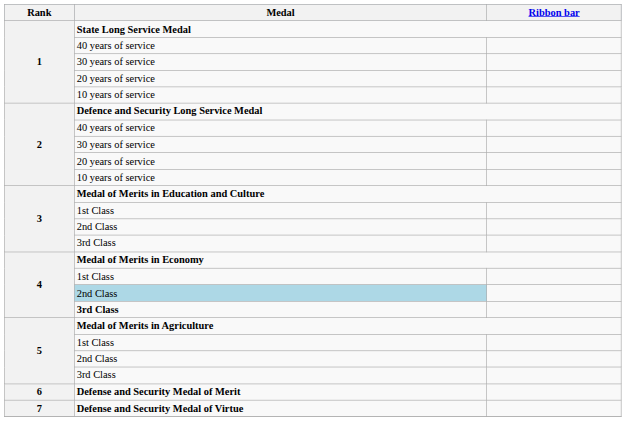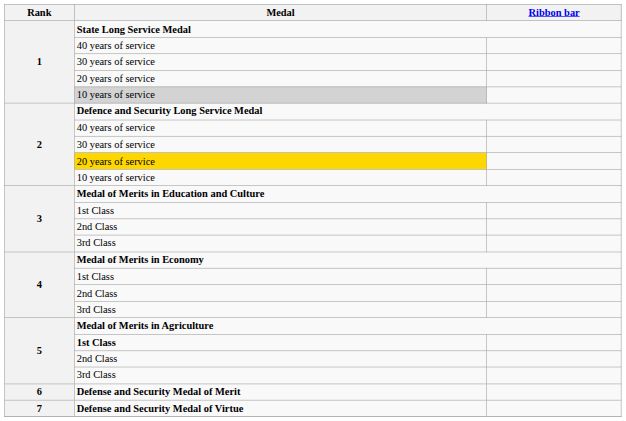 <table class="wikitable" width="60%" width=600px>
 <tr align="center" bgcolor="lightsteelblue" width="100%">
 <th>Rank</th>
 <th>Medal</th>
 <th><a href='#'>Ribbon bar</a></th>
 </tr>
 <tr>
 <th rowspan="5">1</th>
 <td colspan="2"><strong>State Long Service Medal</strong></td>
 </tr>
 <tr>
 <td>40 years of service</td>
 <td></td>
 </tr>
 <tr>
 <td>30 years of service</td>
 <td></td>
 </tr>
 <tr>
 <td>20 years of service</td>
 <td></td>
 </tr>
 <tr>
-<td>10 years of service</td>
+<td style="background: lightgrey;">10 years of service</td>
 <td></td>
 </tr>
 <tr>
 <th rowspan="5">2</th>
 <td colspan="2"><strong>Defence and Security Long Service Medal</strong></td>
 </tr>
 <tr>
 <td>40 years of service</td>
 <td></td>
 </tr>
 <tr>
 <td>30 years of service</td>
 <td></td>
 </tr>
 <tr>
-<td>20 years of service</td>
+<td style="background: gold;">20 years of service</td>
 <td></td>
 </tr>
 <tr>
 <td>10 years of service</td>
 <td></td>
 </tr>
 <tr>
 <th rowspan="4">3</th>
 <td colspan="2"><strong>Medal of Merits in Education and Culture</strong></td>
 </tr>
 <tr>
 <td>1st Class</td>
 <td></td>
 </tr>
 <tr>
 <td>2nd Class</td>
 <td></td>
 </tr>
 <tr>
 <td>3rd Class</td>
 <td></td>
 </tr>
 <tr>
 <th rowspan="4">4</th>
 <td colspan="2"><strong>Medal of Merits in Economy</strong></td>
 </tr>
 <tr>
 <td>1st Class</td>
 <td></td>
 </tr>
 <tr>
-<td style="background: lightblue;">2nd Class</td>
+<td>2nd Class</td>
 <td></td>
 </tr>
 <tr>
-<td><strong>3rd Class</strong></td>
+<td>3rd Class</td>
 <td></td>
 </tr>
 <tr>
 <th rowspan="4">5</th>
 <td colspan="2"><strong>Medal of Merits in Agriculture</strong></td>
 </tr>
 <tr>
-<td>1st Class</td>
+<td><strong>1st Class</strong></td>
 <td></td>
 </tr>
 <tr>
 <td>2nd Class</td>
 <td></td>
 </tr>
 <tr>
 <td>3rd Class</td>
 <td></td>
 </tr>
 <tr>
 <th>6</th>
 <td><strong>Defense and Security Medal of Merit</strong></td>
 <td></td>
 </tr>
 <tr>
 <th>7</th>
 <td><strong>Defense and Security Medal of Virtue</strong></td>
 <td></td>
 </tr>
 <tr>
 </tr>
 </table>
